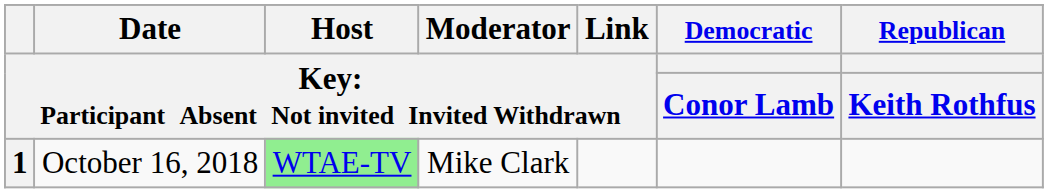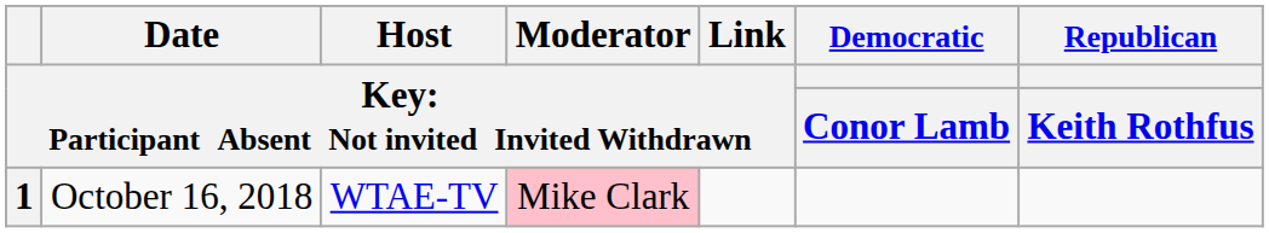 <table class="wikitable" style="text-align:center;">
 <tr>
 <th scope="col"></th>
 <th scope="col">Date</th>
 <th scope="col">Host</th>
 <th scope="col">Moderator</th>
 <th scope="col">Link</th>
 <th scope="col"><small><a href='#'>Democratic</a></small></th>
 <th scope="col"><small><a href='#'>Republican</a></small></th>
 </tr>
 <tr>
 <th colspan="5" rowspan="2">Key:<br> <small>Participant </small>  <small>Absent </small>  <small>Not invited </small>  <small>Invited  Withdrawn</small></th>
 <th scope="col" style="background:"></th>
 <th scope="col" style="background:"></th>
 </tr>
 <tr>
 <th scope="col"><a href='#'>Conor Lamb</a></th>
 <th scope="col"><a href='#'>Keith Rothfus</a></th>
 </tr>
 <tr>
 <th>1</th>
 <td style="white-space:nowrap;">October 16, 2018</td>
-<td style="background: lightgreen; white-space:nowrap;"><a href='#'>WTAE-TV</a></td>
-<td style="white-space:nowrap;">Mike Clark</td>
+<td style="white-space:nowrap;"><a href='#'>WTAE-TV</a></td>
+<td style="background: pink; white-space:nowrap;">Mike Clark</td>
 <td style="white-space:nowrap;"></td>
 <td></td>
 <td></td>
 </tr>
 </table>
